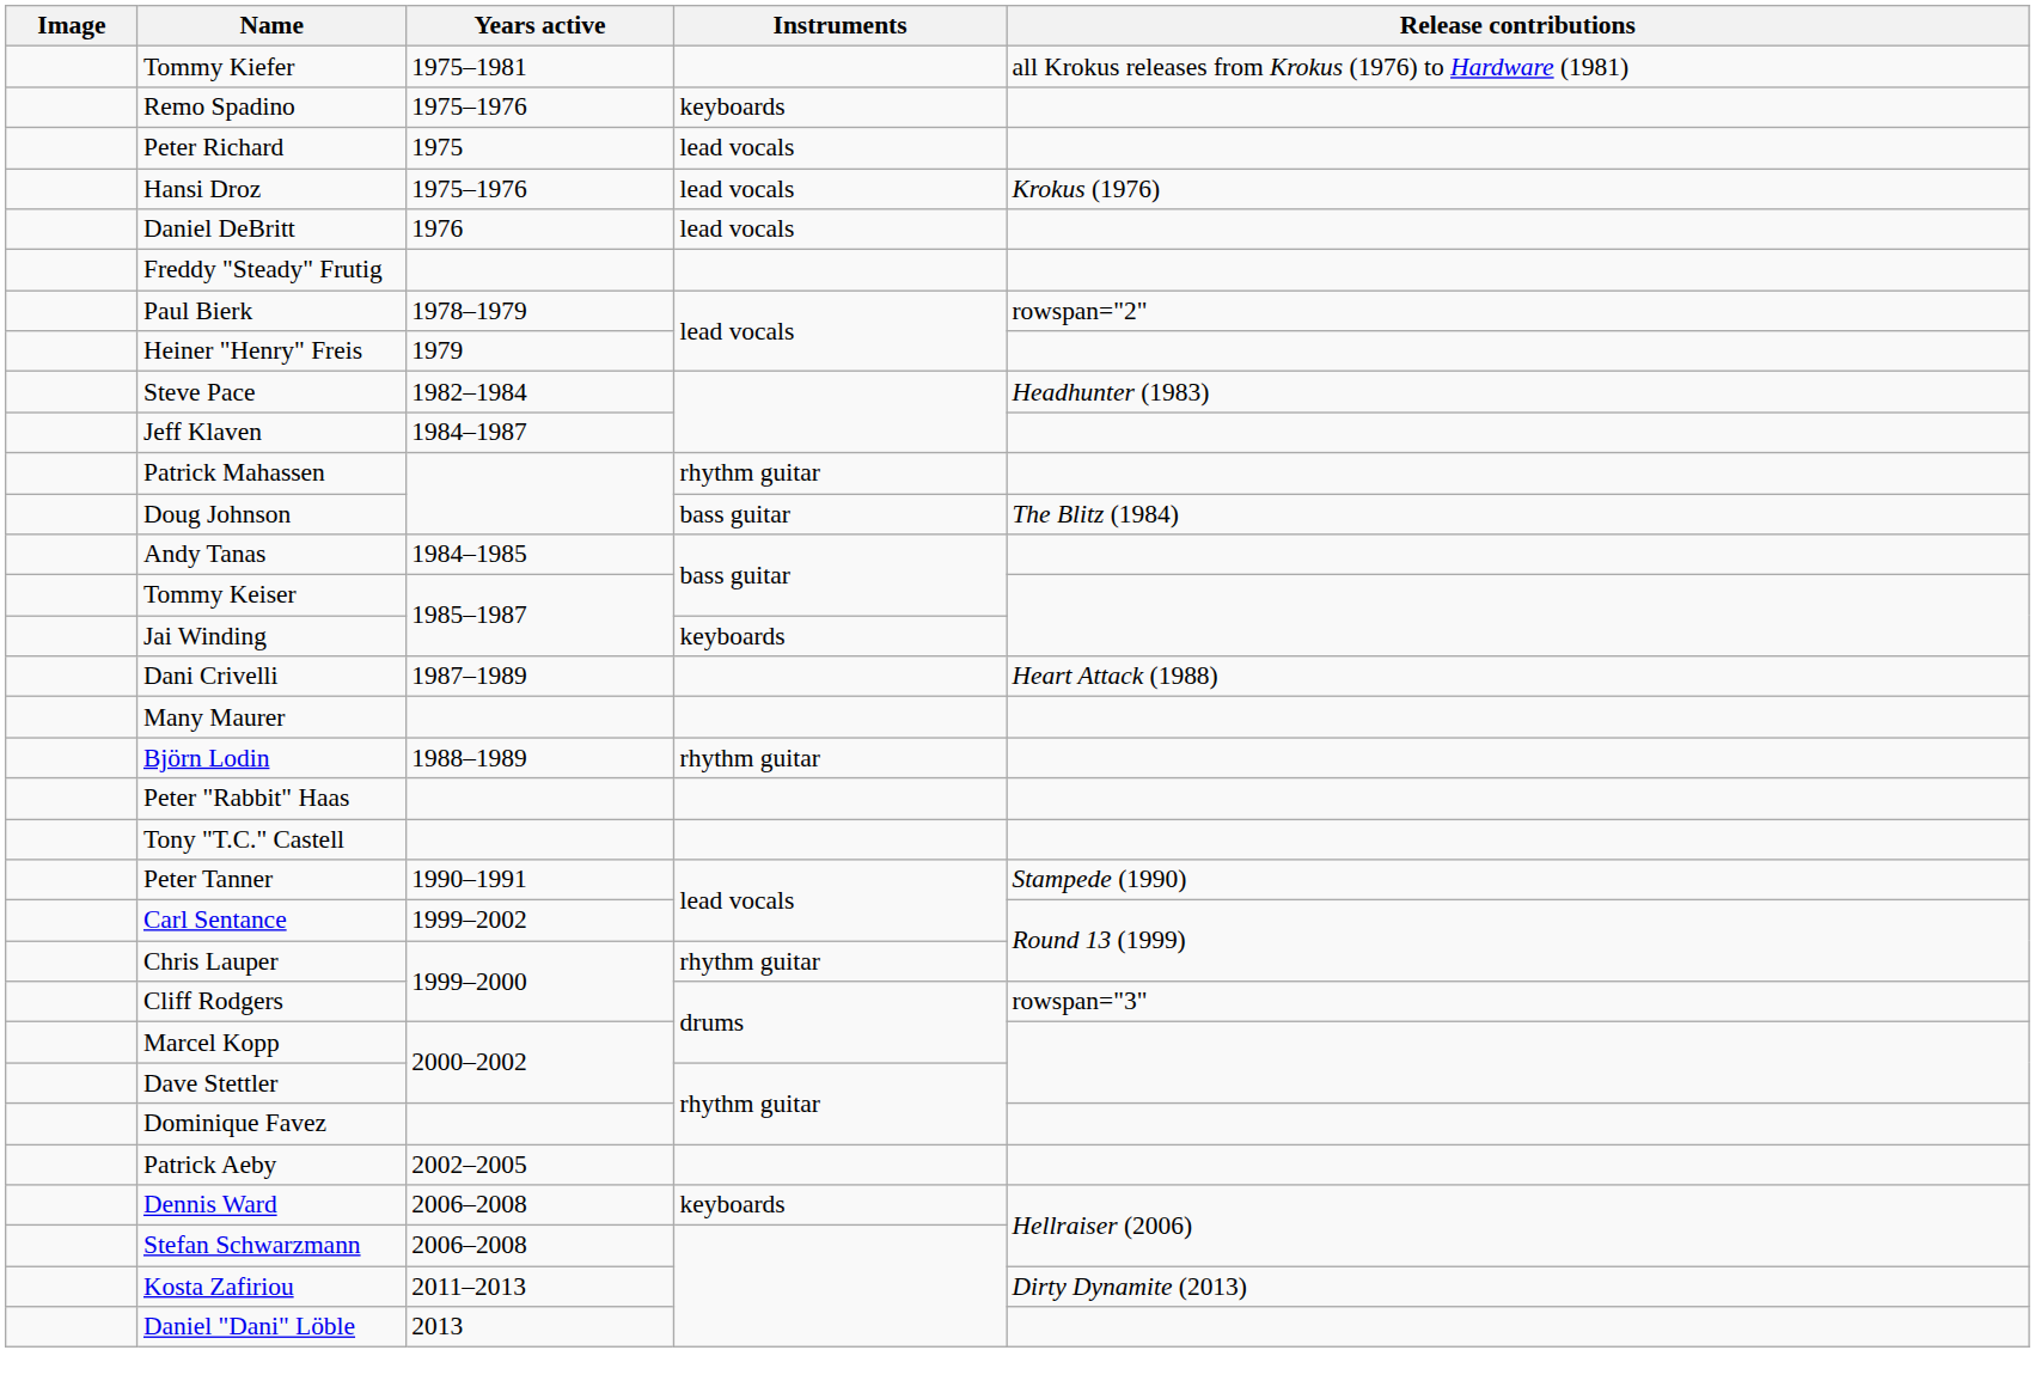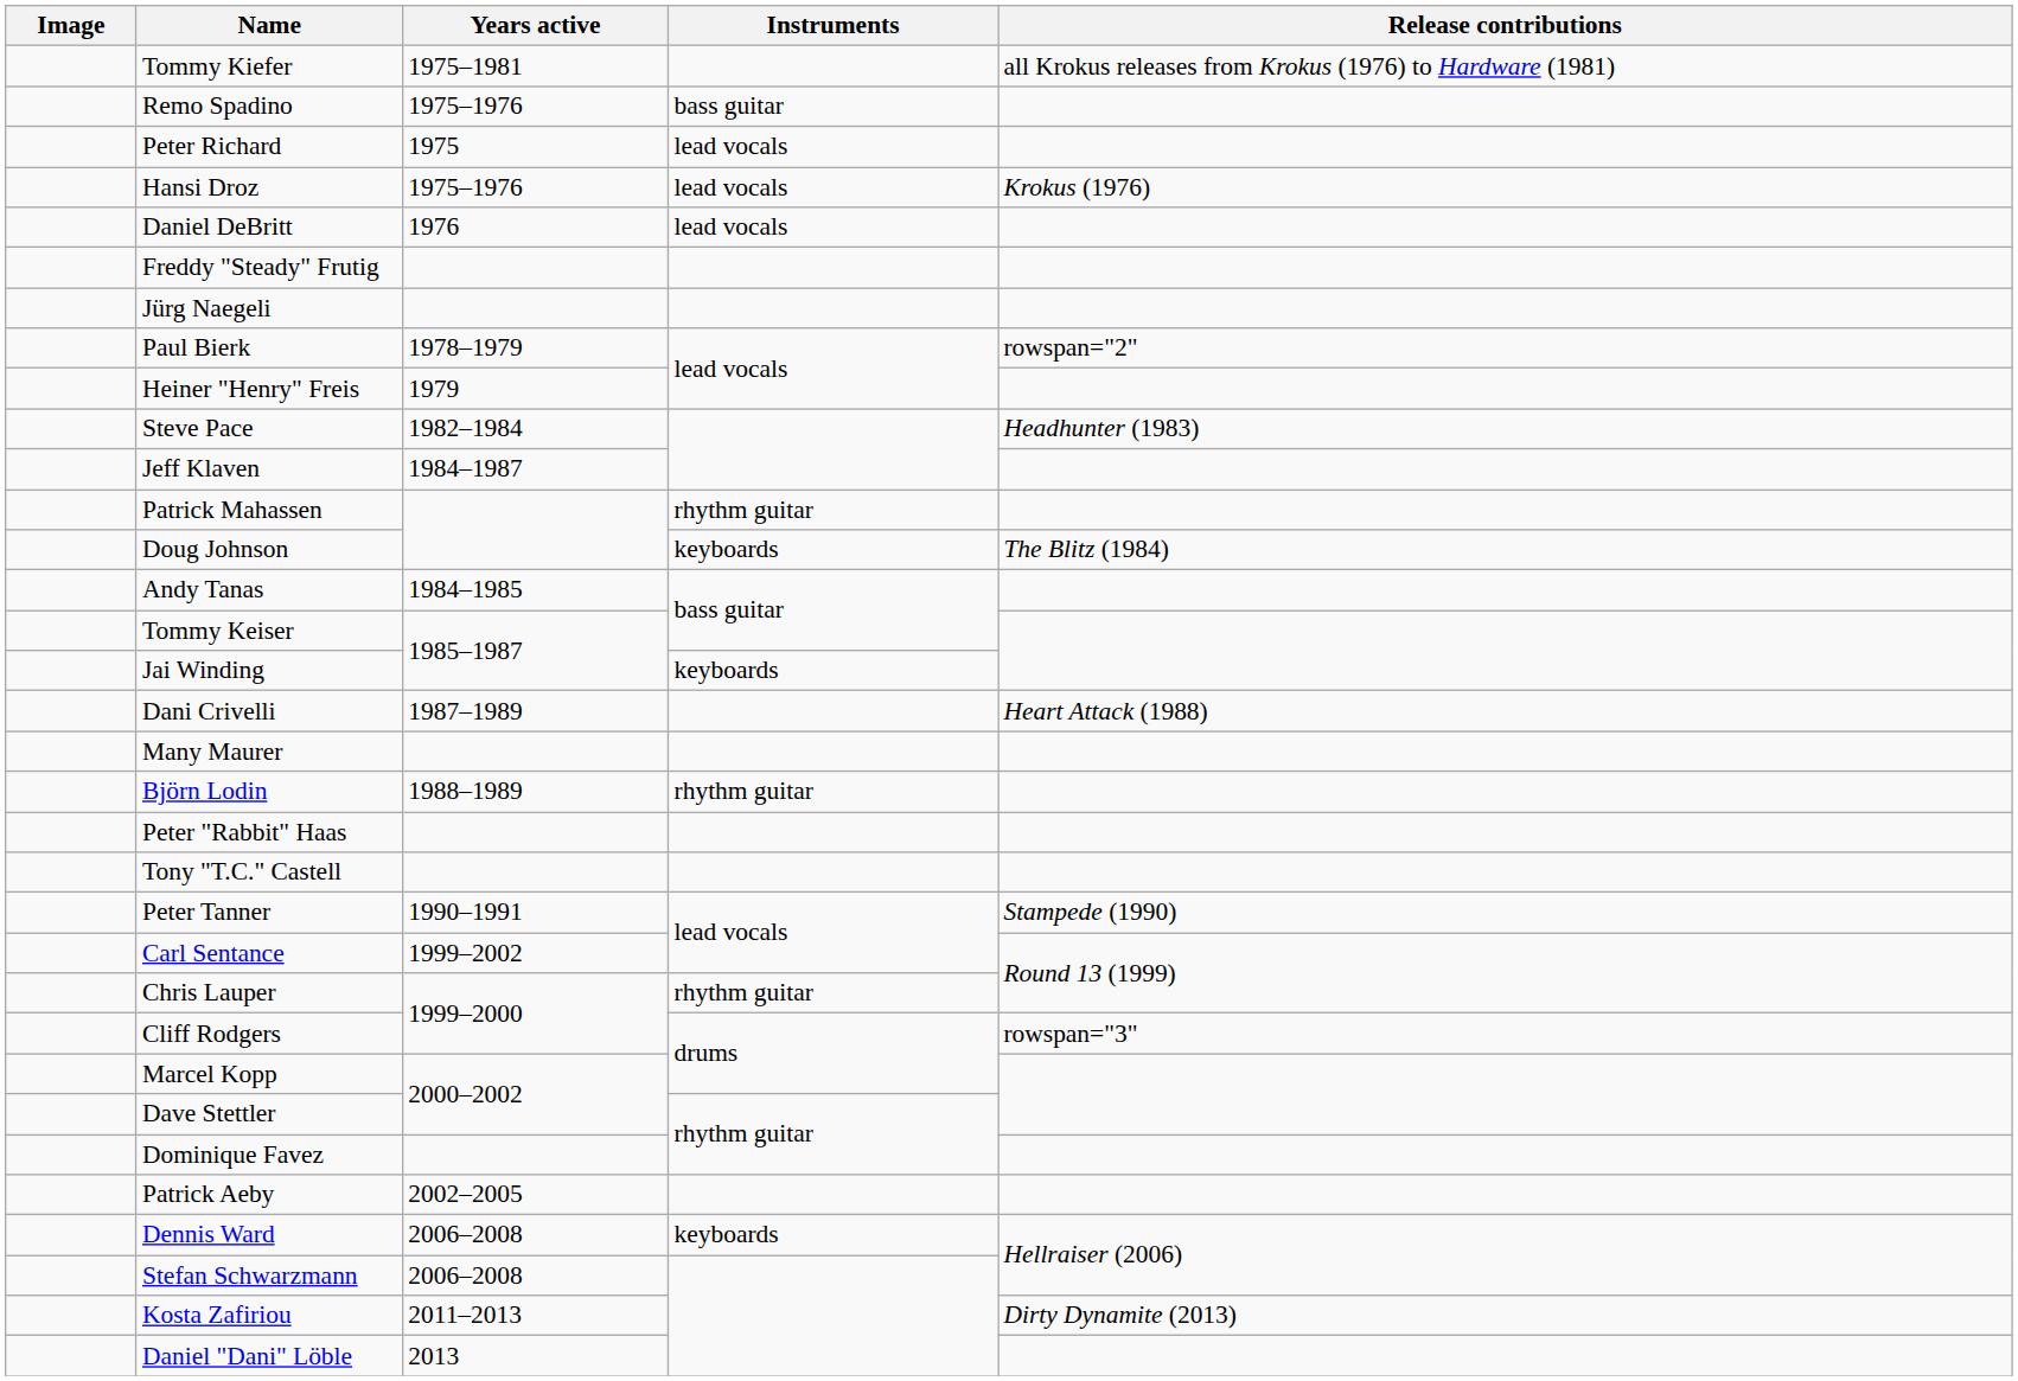 <table class="wikitable" border="1" width=100%>
 <tr>
 <th width="75">Image</th>
 <th width="160">Name</th>
 <th width="160">Years active</th>
 <th width="200">Instruments</th>
 <th>Release contributions</th>
 </tr>
 <tr>
 <td></td>
 <td>Tommy Kiefer</td>
 <td>1975–1981 </td>
 <td></td>
 <td>all Krokus releases from <em>Krokus</em> (1976) to <em><a href='#'>Hardware</a></em> (1981)</td>
 </tr>
 <tr>
 <td></td>
 <td>Remo Spadino</td>
 <td>1975–1976 </td>
-<td>keyboards</td>
+<td>bass guitar</td>
 <td></td>
 </tr>
 <tr>
 <td></td>
 <td>Peter Richard</td>
 <td>1975</td>
 <td>lead vocals</td>
 <td></td>
 </tr>
 <tr>
 <td></td>
 <td>Hansi Droz</td>
 <td>1975–1976 </td>
 <td>lead vocals</td>
 <td><em>Krokus</em> (1976)</td>
 </tr>
 <tr>
 <td></td>
 <td>Daniel DeBritt</td>
 <td>1976</td>
 <td>lead vocals</td>
 <td></td>
 </tr>
 <tr>
 <td></td>
 <td>Freddy "Steady" Frutig</td>
+<td></td>
+<td></td>
+<td></td>
+</tr>
+<tr>
+<td></td>
+<td>Jürg Naegeli</td>
 <td></td>
 <td></td>
 <td></td>
 </tr>
 <tr>
 <td></td>
 <td>Paul Bierk</td>
 <td>1978–1979</td>
 <td rowspan="2">lead vocals</td>
 <td>rowspan="2" </td>
 </tr>
 <tr>
 <td></td>
 <td>Heiner "Henry" Freis</td>
 <td>1979</td>
 </tr>
 <tr>
 <td></td>
 <td>Steve Pace</td>
 <td>1982–1984</td>
 <td rowspan="2"></td>
 <td><em>Headhunter</em> (1983)</td>
 </tr>
 <tr>
 <td></td>
 <td>Jeff Klaven</td>
 <td>1984–1987</td>
 <td></td>
 </tr>
 <tr>
 <td></td>
 <td>Patrick Mahassen</td>
 <td rowspan="2"></td>
 <td>rhythm guitar</td>
 <td></td>
 </tr>
 <tr>
 <td></td>
 <td>Doug Johnson</td>
-<td>bass guitar</td>
+<td>keyboards</td>
 <td><em>The Blitz</em> (1984)</td>
 </tr>
 <tr>
 <td></td>
 <td>Andy Tanas</td>
 <td>1984–1985</td>
 <td rowspan="2">bass guitar</td>
 <td></td>
 </tr>
 <tr>
 <td></td>
 <td>Tommy Keiser</td>
 <td rowspan="2">1985–1987</td>
 <td rowspan="2"></td>
 </tr>
 <tr>
 <td></td>
 <td>Jai Winding</td>
 <td>keyboards</td>
 </tr>
 <tr>
 <td></td>
 <td>Dani Crivelli</td>
 <td>1987–1989 </td>
 <td></td>
 <td><em>Heart Attack</em> (1988)</td>
 </tr>
 <tr>
 <td></td>
 <td>Many Maurer</td>
 <td></td>
 <td></td>
 <td></td>
 </tr>
 <tr>
 <td></td>
 <td><a href='#'>Björn Lodin</a></td>
 <td>1988–1989</td>
 <td>rhythm guitar</td>
 <td></td>
 </tr>
 <tr>
 <td></td>
 <td>Peter "Rabbit" Haas</td>
 <td></td>
 <td></td>
 <td></td>
 </tr>
 <tr>
 <td></td>
 <td>Tony "T.C." Castell</td>
 <td></td>
 <td></td>
 <td></td>
 </tr>
 <tr>
 <td></td>
 <td>Peter Tanner</td>
 <td>1990–1991</td>
 <td rowspan="2">lead vocals</td>
 <td><em>Stampede</em> (1990)</td>
 </tr>
 <tr>
 <td></td>
 <td><a href='#'>Carl Sentance</a></td>
 <td>1999–2002</td>
 <td rowspan="2"><em>Round 13</em> (1999)</td>
 </tr>
 <tr>
 <td></td>
 <td>Chris Lauper</td>
 <td rowspan="2">1999–2000</td>
 <td>rhythm guitar</td>
 </tr>
 <tr>
 <td></td>
 <td>Cliff Rodgers</td>
 <td rowspan="2">drums</td>
 <td>rowspan="3" </td>
 </tr>
 <tr>
 <td></td>
 <td>Marcel Kopp</td>
 <td rowspan="2">2000–2002</td>
 </tr>
 <tr>
 <td></td>
 <td>Dave Stettler</td>
 <td rowspan="2">rhythm guitar</td>
 </tr>
 <tr>
 <td></td>
 <td>Dominique Favez</td>
 <td></td>
 <td></td>
 </tr>
 <tr>
 <td></td>
 <td>Patrick Aeby</td>
 <td>2002–2005</td>
 <td></td>
 <td></td>
 </tr>
 <tr>
 <td></td>
 <td><a href='#'>Dennis Ward</a></td>
 <td>2006–2008 </td>
 <td>keyboards</td>
 <td rowspan="2"><em>Hellraiser</em> (2006)</td>
 </tr>
 <tr>
 <td></td>
 <td><a href='#'>Stefan Schwarzmann</a></td>
 <td>2006–2008</td>
 <td rowspan="3"></td>
 </tr>
 <tr>
 <td></td>
 <td><a href='#'>Kosta Zafiriou</a></td>
 <td>2011–2013 </td>
 <td><em>Dirty Dynamite</em> (2013)</td>
 </tr>
 <tr>
 <td></td>
 <td><a href='#'>Daniel "Dani" Löble</a></td>
 <td>2013 </td>
 <td></td>
 </tr>
 </table>
